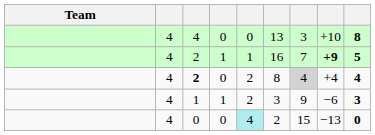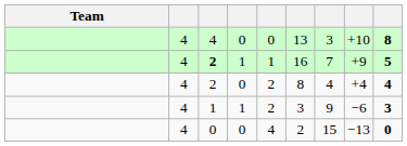 <table class="wikitable" style="text-align: center;">
 <tr>
 <th width=175>Team</th>
 <th width=25></th>
 <th width=25></th>
 <th width=25></th>
 <th width=25></th>
 <th width=25></th>
 <th width=25></th>
 <th width=25></th>
 <th width=25></th>
 </tr>
 <tr bgcolor=ccffcc>
 <td style="text-align:left;"></td>
 <td>4</td>
 <td>4</td>
 <td>0</td>
 <td>0</td>
 <td>13</td>
 <td>3</td>
 <td>+10</td>
 <td><strong>8</strong></td>
 </tr>
 <tr bgcolor=ccffcc>
 <td style="text-align:left;"></td>
 <td>4</td>
-<td>2</td>
+<td><strong>2</strong></td>
 <td>1</td>
 <td>1</td>
 <td>16</td>
 <td>7</td>
-<td><strong>+9</strong></td>
+<td>+9</td>
 <td><strong>5</strong></td>
 </tr>
 <tr>
 <td style="text-align:left;"></td>
 <td>4</td>
-<td><strong>2</strong></td>
+<td>2</td>
 <td>0</td>
 <td>2</td>
 <td>8</td>
-<td style="background: lightgrey;">4</td>
+<td>4</td>
 <td>+4</td>
 <td><strong>4</strong></td>
 </tr>
 <tr>
 <td style="text-align:left;"></td>
 <td>4</td>
 <td>1</td>
 <td>1</td>
 <td>2</td>
 <td>3</td>
 <td>9</td>
 <td>−6</td>
 <td><strong>3</strong></td>
 </tr>
 <tr>
 <td style="text-align:left;"></td>
 <td>4</td>
 <td>0</td>
 <td>0</td>
-<td style="background: paleturquoise;">4</td>
+<td>4</td>
 <td>2</td>
 <td>15</td>
 <td>−13</td>
 <td><strong>0</strong></td>
 </tr>
 </table>
